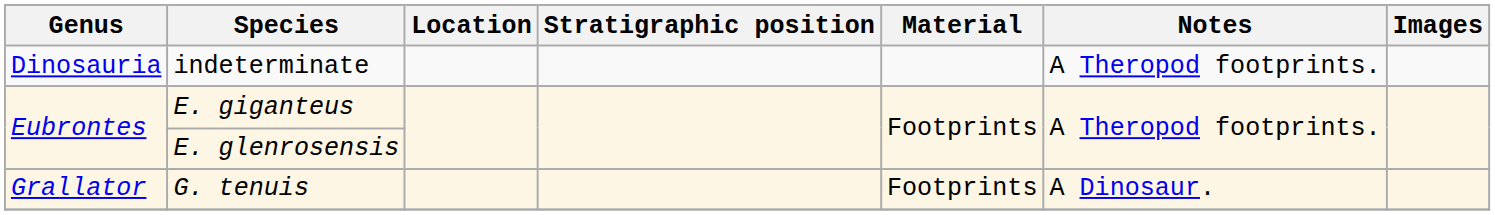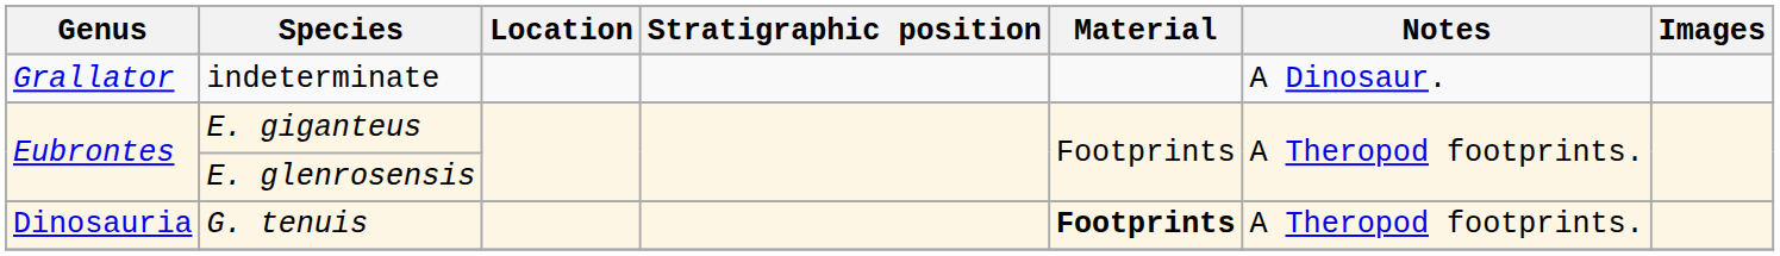 <table class="wikitable" align="center">
 <tr>
 <th>Genus</th>
 <th>Species</th>
 <th>Location</th>
 <th>Stratigraphic position</th>
 <th>Material</th>
 <th>Notes</th>
 <th>Images</th>
 </tr>
 <tr>
-<td><a href='#'>Dinosauria</a></td>
+<td><em><a href='#'>Grallator</a></em></td>
 <td>indeterminate</td>
 <td></td>
 <td></td>
 <td></td>
-<td>A <a href='#'>Theropod</a> footprints.</td>
+<td>A <a href='#'>Dinosaur</a>.</td>
 <td></td>
 </tr>
 <tr style="background:#FEF6E4;">
 <td rowspan="2"><em><a href='#'>Eubrontes</a></em></td>
 <td><em>E. giganteus</em></td>
 <td rowspan="2"></td>
 <td rowspan="2"></td>
 <td rowspan="2">Footprints</td>
 <td rowspan="2">A <a href='#'>Theropod</a> footprints.</td>
 <td rowspan="2"></td>
 </tr>
 <tr style="background:#FEF6E4;">
 <td><em>E. glenrosensis</em></td>
 </tr>
 <tr style="background:#FEF6E4;">
-<td><em><a href='#'>Grallator</a></em></td>
+<td><a href='#'>Dinosauria</a></td>
 <td><em>G. tenuis</em></td>
 <td></td>
 <td></td>
-<td>Footprints</td>
-<td>A <a href='#'>Dinosaur</a>.</td>
+<td><strong>Footprints</strong></td>
+<td>A <a href='#'>Theropod</a> footprints.</td>
 <td></td>
 </tr>
 <tr>
 </tr>
 </table>
